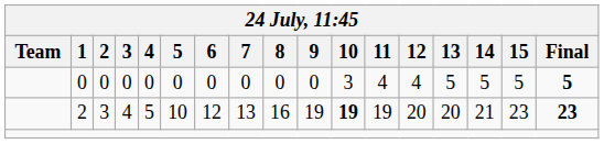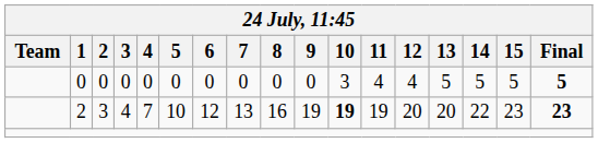 <table class=wikitable style="text-align:center; width: 55%">
 <tr>
 <th colspan=17><em>24 July, 11:45</em></th>
 </tr>
 <tr>
 <th>Team</th>
 <th>1</th>
 <th>2</th>
 <th>3</th>
 <th>4</th>
 <th>5</th>
 <th>6</th>
 <th>7</th>
 <th>8</th>
 <th>9</th>
 <th>10</th>
 <th>11</th>
 <th>12</th>
 <th>13</th>
 <th>14</th>
 <th>15</th>
 <th>Final</th>
 </tr>
 <tr>
 <td align=left></td>
 <td>0</td>
 <td>0</td>
 <td>0</td>
 <td>0</td>
 <td>0</td>
 <td>0</td>
 <td>0</td>
 <td>0</td>
 <td>0</td>
 <td>3</td>
 <td>4</td>
 <td>4</td>
 <td>5</td>
 <td>5</td>
 <td>5</td>
 <td><strong>5</strong></td>
 </tr>
 <tr>
 <td align=left><strong></strong></td>
 <td>2</td>
 <td>3</td>
 <td>4</td>
-<td>5</td>
+<td>7</td>
 <td>10</td>
 <td>12</td>
 <td>13</td>
 <td>16</td>
 <td>19</td>
 <td><strong>19</strong></td>
 <td>19</td>
 <td>20</td>
 <td>20</td>
-<td>21</td>
+<td>22</td>
 <td>23</td>
 <td><strong>23</strong></td>
 </tr>
 <tr>
 <td colspan=17></td>
 </tr>
 </table>
